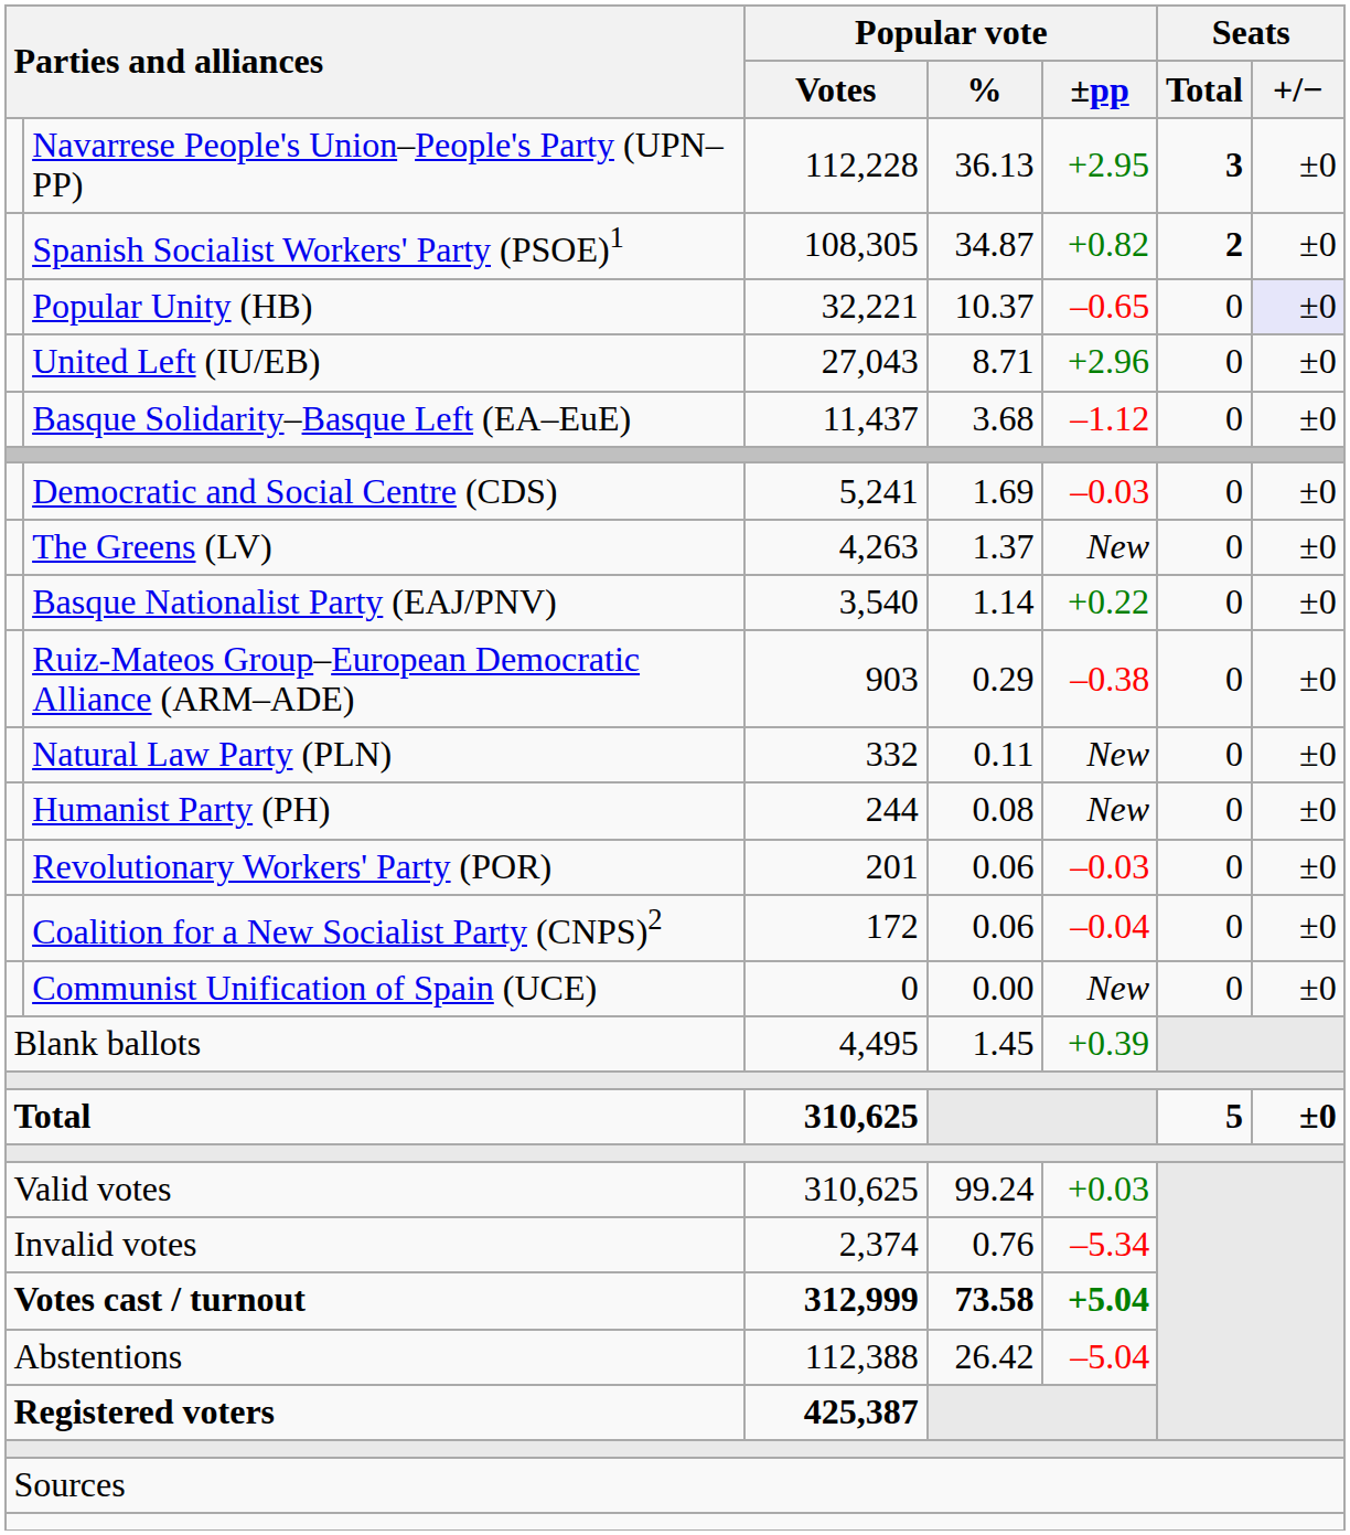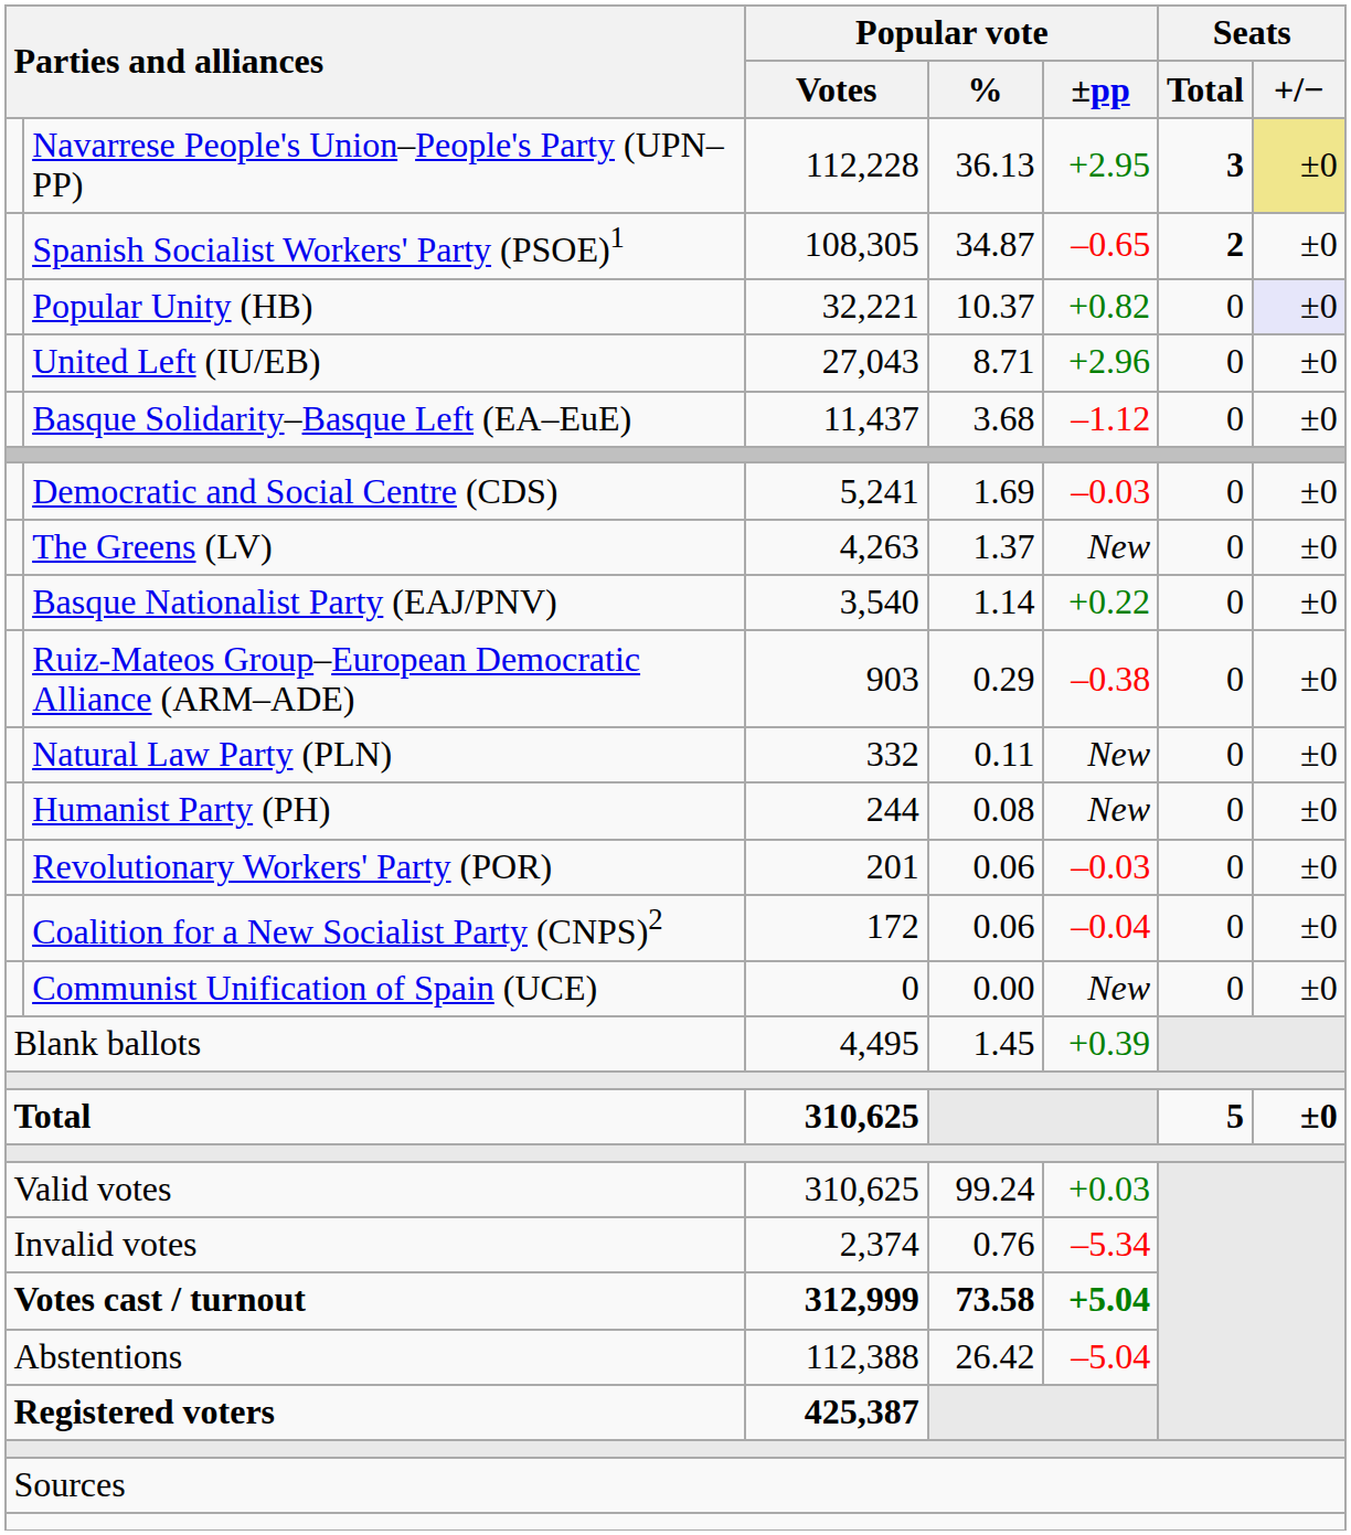 <table class="wikitable" style="text-align:right;">
 <tr>
 <th style="text-align:left;" rowspan="2" colspan="2" width="525">Parties and alliances</th>
 <th colspan="3">Popular vote</th>
 <th colspan="2">Seats</th>
 </tr>
 <tr>
 <th width="75">Votes</th>
 <th width="45">%</th>
 <th width="45">±<a href='#'>pp</a></th>
 <th width="35">Total</th>
 <th width="35">+/−</th>
 </tr>
 <tr>
 <td width="1" style="color:inherit;background:"></td>
 <td align="left"><a href='#'>Navarrese People's Union</a>–<a href='#'>People's Party</a> (UPN–PP)</td>
 <td>112,228</td>
 <td>36.13</td>
 <td style="color:green;">+2.95</td>
 <td><strong>3</strong></td>
-<td>±0</td>
+<td style="background: khaki;">±0</td>
 </tr>
 <tr>
 <td style="color:inherit;background:"></td>
 <td align="left"><a href='#'>Spanish Socialist Workers' Party</a> (PSOE)<sup>1</sup></td>
 <td>108,305</td>
 <td>34.87</td>
-<td style="color:green;">+0.82</td>
+<td style="color:red;">–0.65</td>
 <td><strong>2</strong></td>
 <td>±0</td>
 </tr>
 <tr>
 <td style="color:inherit;background:"></td>
 <td align="left"><a href='#'>Popular Unity</a> (HB)</td>
 <td>32,221</td>
 <td>10.37</td>
-<td style="color:red;">–0.65</td>
+<td style="color:green;">+0.82</td>
 <td>0</td>
 <td style="background: lavender;">±0</td>
 </tr>
 <tr>
 <td style="color:inherit;background:"></td>
 <td align="left"><a href='#'>United Left</a> (IU/EB)</td>
 <td>27,043</td>
 <td>8.71</td>
 <td style="color:green;">+2.96</td>
 <td>0</td>
 <td>±0</td>
 </tr>
 <tr>
 <td style="color:inherit;background:"></td>
 <td align="left"><a href='#'>Basque Solidarity</a>–<a href='#'>Basque Left</a> (EA–EuE)</td>
 <td>11,437</td>
 <td>3.68</td>
 <td style="color:red;">–1.12</td>
 <td>0</td>
 <td>±0</td>
 </tr>
 <tr>
 <td colspan="7" bgcolor="#C0C0C0"></td>
 </tr>
 <tr>
 <td style="color:inherit;background:"></td>
 <td align="left"><a href='#'>Democratic and Social Centre</a> (CDS)</td>
 <td>5,241</td>
 <td>1.69</td>
 <td style="color:red;">–0.03</td>
 <td>0</td>
 <td>±0</td>
 </tr>
 <tr>
 <td style="color:inherit;background:"></td>
 <td align="left"><a href='#'>The Greens</a> (LV)</td>
 <td>4,263</td>
 <td>1.37</td>
 <td><em>New</em></td>
 <td>0</td>
 <td>±0</td>
 </tr>
 <tr>
 <td style="color:inherit;background:"></td>
 <td align="left"><a href='#'>Basque Nationalist Party</a> (EAJ/PNV)</td>
 <td>3,540</td>
 <td>1.14</td>
 <td style="color:green;">+0.22</td>
 <td>0</td>
 <td>±0</td>
 </tr>
 <tr>
 <td style="color:inherit;background:"></td>
 <td align="left"><a href='#'>Ruiz-Mateos Group</a>–<a href='#'>European Democratic Alliance</a> (ARM–ADE)</td>
 <td>903</td>
 <td>0.29</td>
 <td style="color:red;">–0.38</td>
 <td>0</td>
 <td>±0</td>
 </tr>
 <tr>
 <td style="color:inherit;background:"></td>
 <td align="left"><a href='#'>Natural Law Party</a> (PLN)</td>
 <td>332</td>
 <td>0.11</td>
 <td><em>New</em></td>
 <td>0</td>
 <td>±0</td>
 </tr>
 <tr>
 <td style="color:inherit;background:"></td>
 <td align="left"><a href='#'>Humanist Party</a> (PH)</td>
 <td>244</td>
 <td>0.08</td>
 <td><em>New</em></td>
 <td>0</td>
 <td>±0</td>
 </tr>
 <tr>
 <td style="color:inherit;background:"></td>
 <td align="left"><a href='#'>Revolutionary Workers' Party</a> (POR)</td>
 <td>201</td>
 <td>0.06</td>
 <td style="color:red;">–0.03</td>
 <td>0</td>
 <td>±0</td>
 </tr>
 <tr>
 <td style="color:inherit;background:"></td>
 <td align="left"><a href='#'>Coalition for a New Socialist Party</a> (CNPS)<sup>2</sup></td>
 <td>172</td>
 <td>0.06</td>
 <td style="color:red;">–0.04</td>
 <td>0</td>
 <td>±0</td>
 </tr>
 <tr>
 <td style="color:inherit;background:"></td>
 <td align="left"><a href='#'>Communist Unification of Spain</a> (UCE)</td>
 <td>0</td>
 <td>0.00</td>
 <td><em>New</em></td>
 <td>0</td>
 <td>±0</td>
 </tr>
 <tr>
 <td align="left" colspan="2">Blank ballots</td>
 <td>4,495</td>
 <td>1.45</td>
 <td style="color:green;">+0.39</td>
 <td bgcolor="#E9E9E9" colspan="2"></td>
 </tr>
 <tr>
 <td colspan="7" bgcolor="#E9E9E9"></td>
 </tr>
 <tr style="font-weight:bold;">
 <td align="left" colspan="2">Total</td>
 <td>310,625</td>
 <td bgcolor="#E9E9E9" colspan="2"></td>
 <td>5</td>
 <td>±0</td>
 </tr>
 <tr>
 <td colspan="7" bgcolor="#E9E9E9"></td>
 </tr>
 <tr>
 <td align="left" colspan="2">Valid votes</td>
 <td>310,625</td>
 <td>99.24</td>
 <td style="color:green;">+0.03</td>
 <td bgcolor="#E9E9E9" colspan="2" rowspan="5"></td>
 </tr>
 <tr>
 <td align="left" colspan="2">Invalid votes</td>
 <td>2,374</td>
 <td>0.76</td>
 <td style="color:red;">–5.34</td>
 </tr>
 <tr style="font-weight:bold;">
 <td align="left" colspan="2">Votes cast / turnout</td>
 <td>312,999</td>
 <td>73.58</td>
 <td style="color:green;">+5.04</td>
 </tr>
 <tr>
 <td align="left" colspan="2">Abstentions</td>
 <td>112,388</td>
 <td>26.42</td>
 <td style="color:red;">–5.04</td>
 </tr>
 <tr style="font-weight:bold;">
 <td align="left" colspan="2">Registered voters</td>
 <td>425,387</td>
 <td bgcolor="#E9E9E9" colspan="2"></td>
 </tr>
 <tr>
 <td colspan="7" bgcolor="#E9E9E9"></td>
 </tr>
 <tr>
 <td align="left" colspan="7">Sources</td>
 </tr>
 <tr>
 <td colspan="7" style="text-align:left; max-width:790px;"></td>
 </tr>
 </table>
